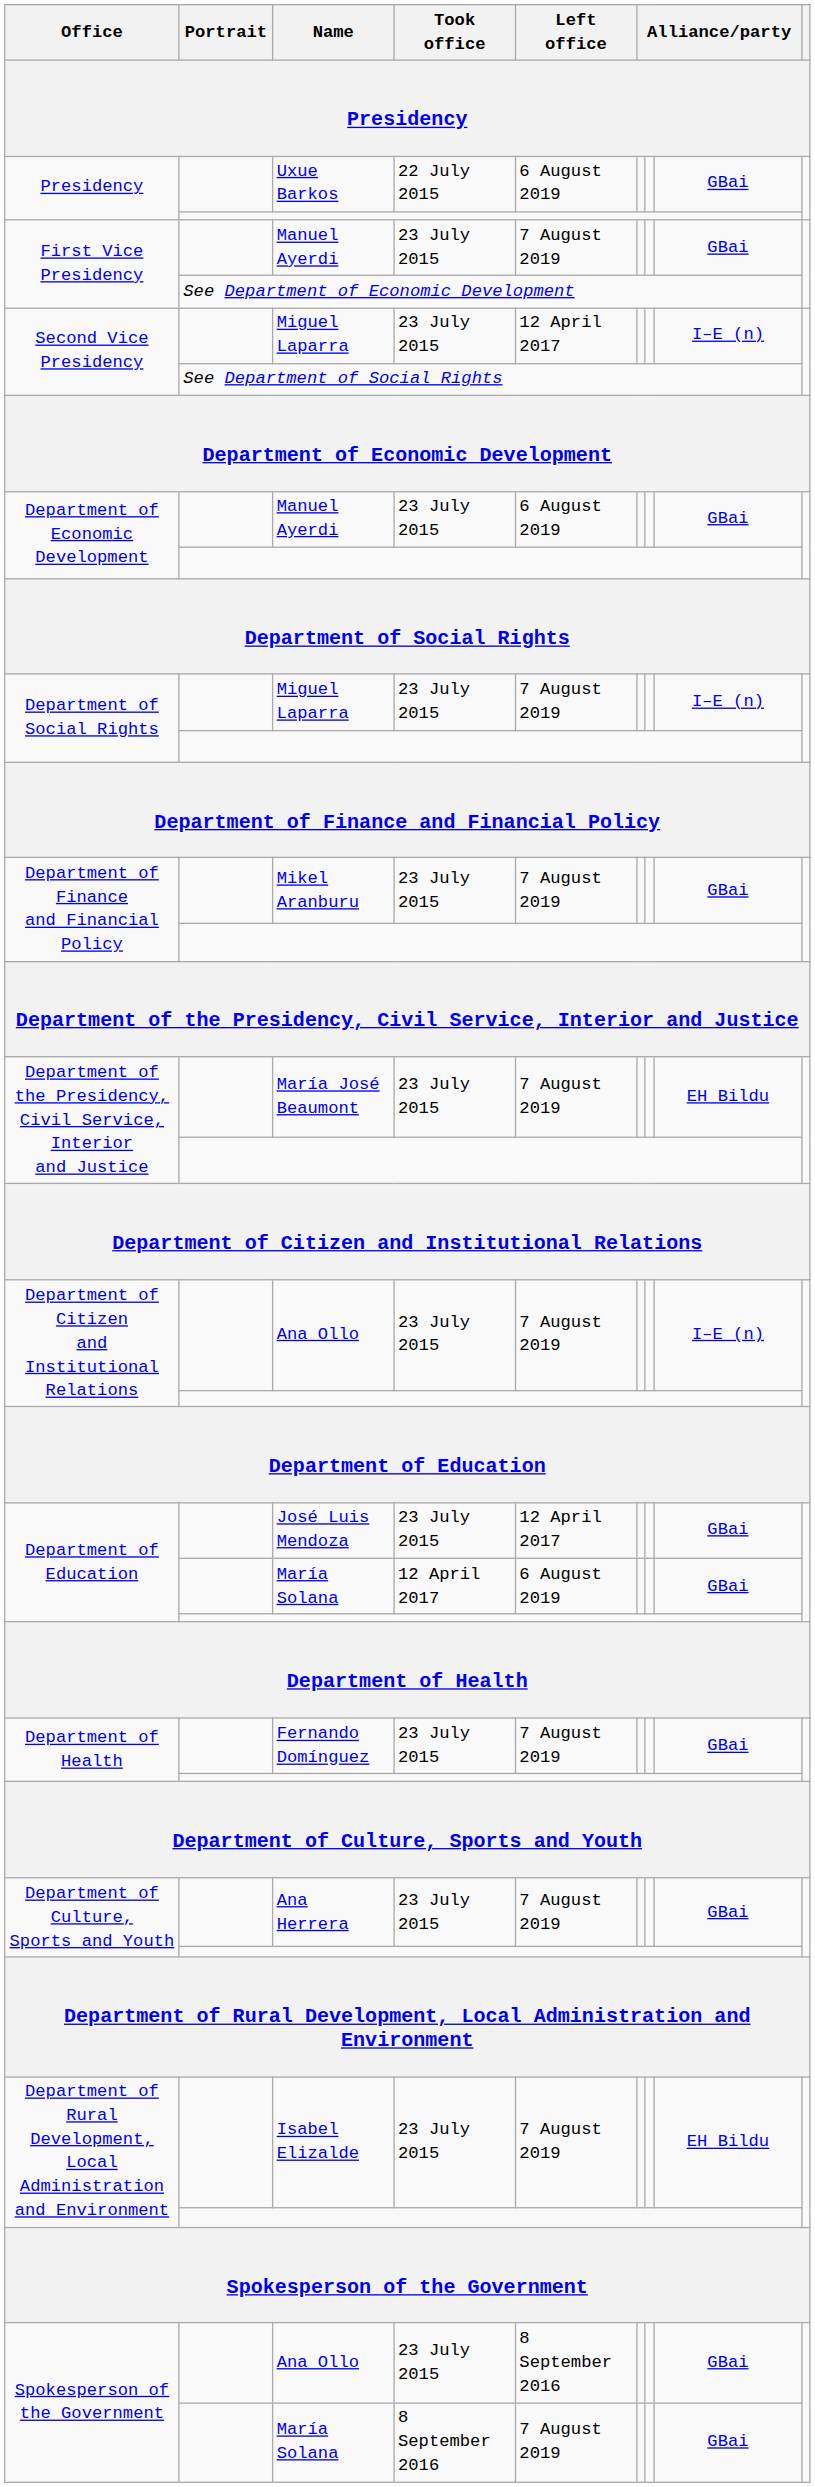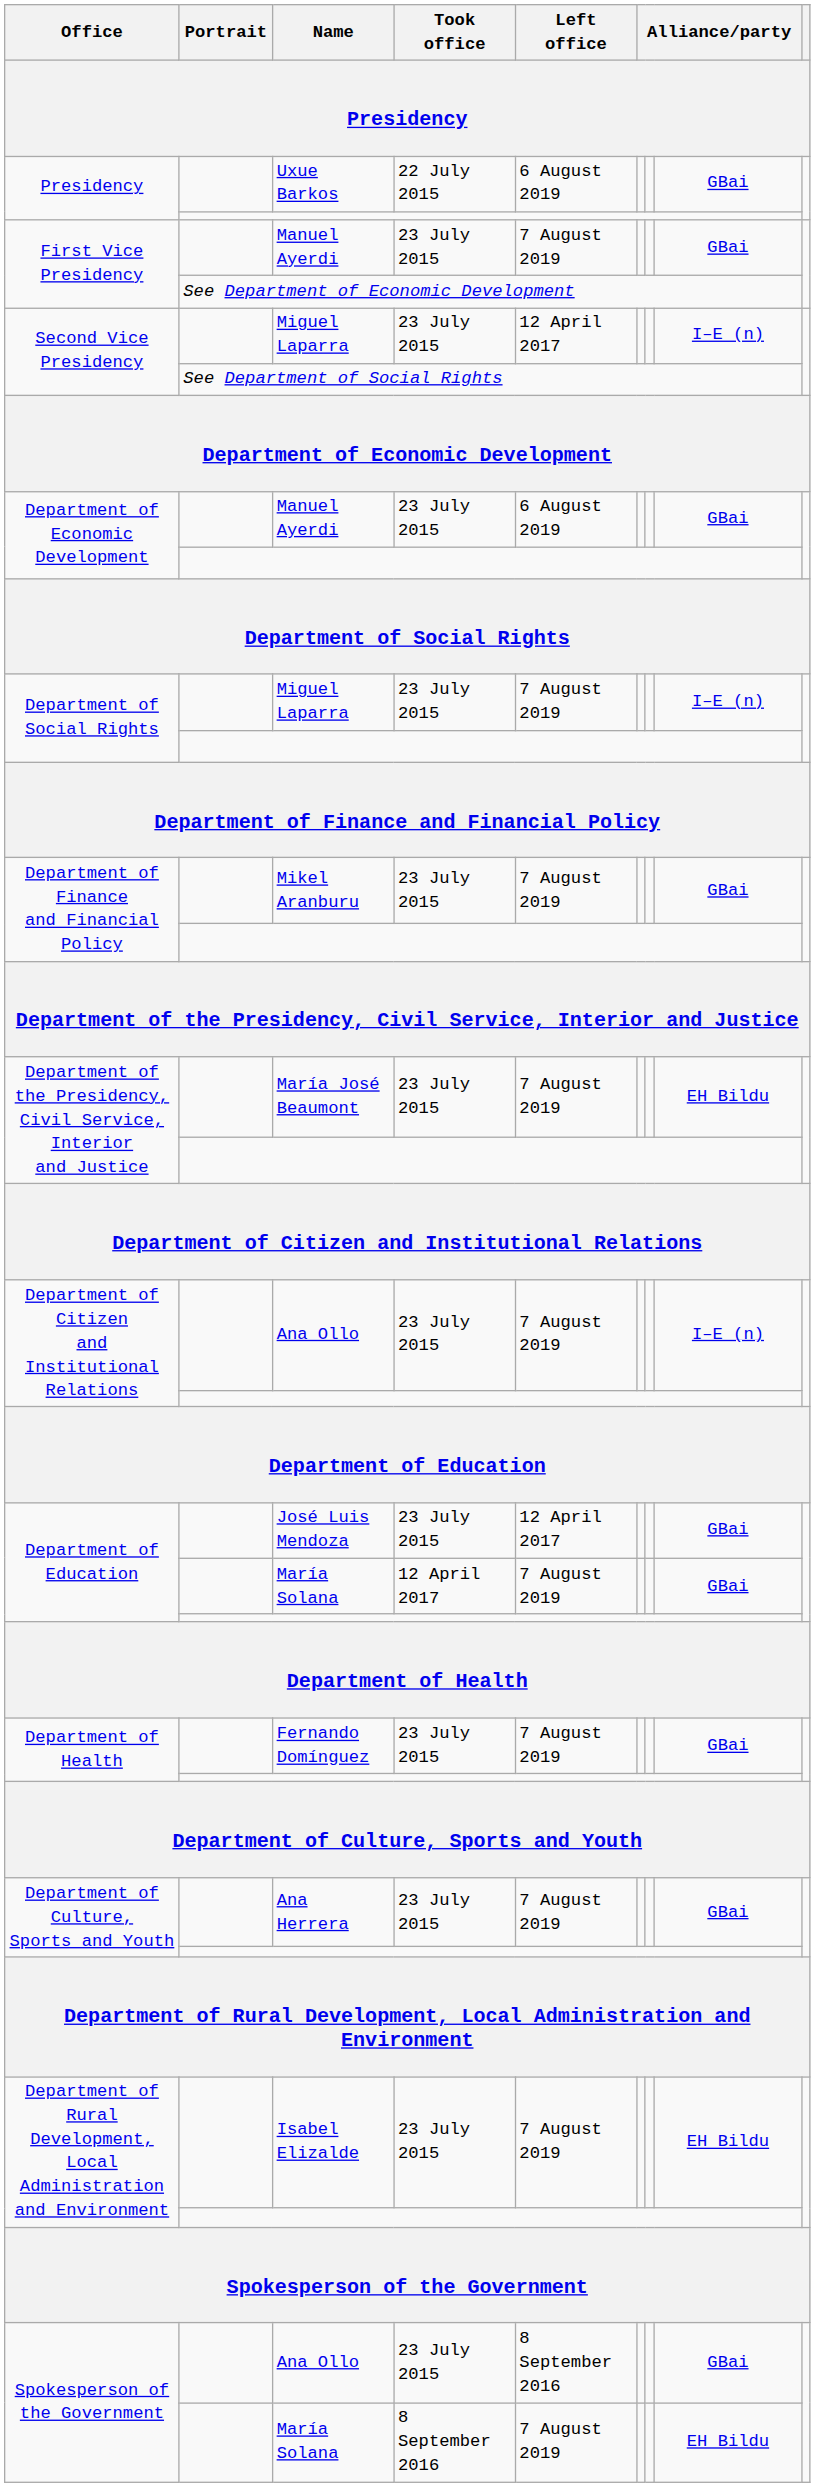 <table class="wikitable" style="line-height:18px;">
 <tr>
 <th scope="col">Office<br></th>
 <th scope="col">Portrait</th>
 <th scope="col">Name</th>
 <th scope="col">Took office</th>
 <th scope="col">Left office</th>
 <th colspan="3" scope="col">Alliance/party</th>
 <th></th>
 </tr>
 <tr>
 <th colspan="9"><br><h3><a href='#'>Presidency</a></h3></th>
 </tr>
 <tr>
 <td align="center" rowspan="2" width="250"><a href='#'>Presidency</a><br></td>
 <td width="80"></td>
 <td width="200"><a href='#'>Uxue Barkos</a></td>
 <td width="200">22 July 2015</td>
 <td width="200">6 August 2019</td>
 <td width="1" style="color:inherit;background-color:"></td>
 <td width="1" style="background-color:"></td>
 <td width="175" align="center"><a href='#'>GBai</a><br></td>
 <td align="center" rowspan="2"></td>
 </tr>
 <tr>
 <td colspan="7"></td>
 </tr>
 <tr>
 <td align="center" rowspan="2"><a href='#'>First Vice Presidency</a><br></td>
 <td></td>
 <td><a href='#'>Manuel Ayerdi</a></td>
 <td>23 July 2015</td>
 <td>7 August 2019</td>
 <td style="color:inherit;background-color:"></td>
 <td style="background-color:"></td>
 <td align="center"><a href='#'>GBai</a><br></td>
 <td align="center" rowspan="2"></td>
 </tr>
 <tr>
 <td colspan="7"><em>See <a href='#'>Department of Economic Development</a></em></td>
 </tr>
 <tr>
 <td align="center" rowspan="2"><a href='#'>Second Vice Presidency</a><br></td>
 <td></td>
 <td><a href='#'>Miguel Laparra</a></td>
 <td>23 July 2015</td>
 <td>12 April 2017</td>
 <td style="color:inherit;background-color:"></td>
 <td style="background-color:"></td>
 <td align="center"><a href='#'>I–E (n)</a><br></td>
 <td align="center" rowspan="2"></td>
 </tr>
 <tr>
 <td colspan="7"><em>See <a href='#'>Department of Social Rights</a></em></td>
 </tr>
 <tr>
 <th colspan="9"><br><h3><a href='#'>Department of Economic Development</a></h3></th>
 </tr>
 <tr>
 <td align="center" rowspan="2"><a href='#'>Department of Economic<br>Development</a><br></td>
 <td></td>
 <td><a href='#'>Manuel Ayerdi</a></td>
 <td>23 July 2015</td>
 <td width="200">6 August 2019</td>
 <td style="color:inherit;background-color:"></td>
 <td style="background-color:"></td>
 <td align="center"><a href='#'>GBai</a><br></td>
 <td align="center" rowspan="2"><br><br></td>
 </tr>
 <tr>
 <td colspan="7"><br></td>
 </tr>
 <tr>
 <th colspan="9"><br><h3><a href='#'>Department of Social Rights</a></h3></th>
 </tr>
 <tr>
 <td align="center" rowspan="2"><a href='#'>Department of Social Rights</a><br></td>
 <td></td>
 <td><a href='#'>Miguel Laparra</a></td>
 <td>23 July 2015</td>
 <td>7 August 2019</td>
 <td style="color:inherit;background-color:"></td>
 <td style="background-color:"></td>
 <td align="center"><a href='#'>I–E (n)</a><br></td>
 <td align="center" rowspan="2"><br></td>
 </tr>
 <tr>
 <td colspan="7"><br></td>
 </tr>
 <tr>
 <th colspan="9"><br><h3><a href='#'>Department of Finance and Financial Policy</a></h3></th>
 </tr>
 <tr>
 <td align="center" rowspan="2"><a href='#'>Department of Finance<br>and Financial Policy</a><br></td>
 <td></td>
 <td><a href='#'>Mikel Aranburu</a></td>
 <td>23 July 2015</td>
 <td>7 August 2019</td>
 <td style="color:inherit;background-color:"></td>
 <td style="background-color:"></td>
 <td align="center"><a href='#'>GBai</a><br></td>
 <td align="center" rowspan="2"><br><br></td>
 </tr>
 <tr>
 <td colspan="7"><br></td>
 </tr>
 <tr>
 <th colspan="9"><br><h3><a href='#'>Department of the Presidency, Civil Service, Interior and Justice</a></h3></th>
 </tr>
 <tr>
 <td align="center" rowspan="2"><a href='#'>Department of the Presidency,<br>Civil Service, Interior<br>and Justice</a><br></td>
 <td></td>
 <td><a href='#'>María José Beaumont</a></td>
 <td>23 July 2015</td>
 <td>7 August 2019</td>
 <td style="color:inherit;background-color:"></td>
 <td style="background-color:"></td>
 <td align="center"><a href='#'>EH Bildu</a><br></td>
 <td align="center" rowspan="2"><br><br><br><br></td>
 </tr>
 <tr>
 <td colspan="7"><br></td>
 </tr>
 <tr>
 <th colspan="9"><br><h3><a href='#'>Department of Citizen and Institutional Relations</a></h3></th>
 </tr>
 <tr>
 <td align="center" rowspan="2"><a href='#'>Department of Citizen<br>and Institutional Relations</a><br></td>
 <td></td>
 <td><a href='#'>Ana Ollo</a></td>
 <td>23 July 2015</td>
 <td>7 August 2019</td>
 <td style="color:inherit;background-color:"></td>
 <td style="background-color:"></td>
 <td align="center"><a href='#'>I–E (n)</a><br></td>
 <td align="center" rowspan="2"><br><br><br></td>
 </tr>
 <tr>
 <td colspan="7"></td>
 </tr>
 <tr>
 <th colspan="9"><br><h3><a href='#'>Department of Education</a></h3></th>
 </tr>
 <tr>
 <td align="center" rowspan="3"><a href='#'>Department of Education</a><br></td>
 <td></td>
 <td><a href='#'>José Luis Mendoza</a></td>
 <td>23 July 2015</td>
 <td>12 April 2017</td>
 <td style="color:inherit;background-color:"></td>
 <td style="background-color:"></td>
 <td align="center"><a href='#'>GBai</a><br></td>
 <td align="center" rowspan="3"><br><br><br></td>
 </tr>
 <tr>
 <td></td>
 <td><a href='#'>María Solana</a></td>
 <td>12 April 2017</td>
-<td width="200">6 August 2019</td>
+<td>7 August 2019</td>
 <td style="color:inherit;background-color:"></td>
 <td style="background-color:"></td>
 <td align="center"><a href='#'>GBai</a><br></td>
 </tr>
 <tr>
 <td colspan="7"></td>
 </tr>
 <tr>
 <th colspan="9"><br><h3><a href='#'>Department of Health</a></h3></th>
 </tr>
 <tr>
 <td align="center" rowspan="2"><a href='#'>Department of Health</a><br></td>
 <td></td>
 <td><a href='#'>Fernando Domínguez</a></td>
 <td>23 July 2015</td>
 <td>7 August 2019</td>
 <td style="color:inherit;background-color:"></td>
 <td style="background-color:"></td>
 <td align="center"><a href='#'>GBai</a><br></td>
 <td align="center" rowspan="2"><br><br></td>
 </tr>
 <tr>
 <td colspan="7"></td>
 </tr>
 <tr>
 <th colspan="9"><br><h3><a href='#'>Department of Culture, Sports and Youth</a></h3></th>
 </tr>
 <tr>
 <td align="center" rowspan="2"><a href='#'>Department of Culture,<br>Sports and Youth</a><br></td>
 <td></td>
 <td><a href='#'>Ana Herrera</a></td>
 <td>23 July 2015</td>
 <td>7 August 2019</td>
 <td style="color:inherit;background-color:"></td>
 <td style="background-color:"></td>
 <td align="center"><a href='#'>GBai</a><br></td>
 <td align="center" rowspan="2"><br></td>
 </tr>
 <tr>
 <td colspan="7"></td>
 </tr>
 <tr>
 <th colspan="9"><br><h3><a href='#'>Department of Rural Development, Local Administration and Environment</a></h3></th>
 </tr>
 <tr>
 <td align="center" rowspan="2"><a href='#'>Department of Rural Development,<br>Local Administration and Environment</a><br></td>
 <td></td>
 <td><a href='#'>Isabel Elizalde</a></td>
 <td>23 July 2015</td>
 <td>7 August 2019</td>
 <td style="color:inherit;background-color:"></td>
 <td style="background-color:"></td>
 <td align="center"><a href='#'>EH Bildu</a><br></td>
 <td align="center" rowspan="2"><br><br><br><br><br></td>
 </tr>
 <tr>
 <td colspan="7"></td>
 </tr>
 <tr>
 <th colspan="9"><br><h3><a href='#'>Spokesperson of the Government</a></h3></th>
 </tr>
 <tr>
 <td align="center" rowspan="2"><a href='#'>Spokesperson of the Government</a><br></td>
 <td></td>
 <td><a href='#'>Ana Ollo</a></td>
 <td>23 July 2015</td>
 <td>8 September 2016</td>
 <td style="color:inherit;background-color:"></td>
 <td style="background-color:"></td>
 <td align="center"><a href='#'>GBai</a><br></td>
 <td align="center" rowspan="2"><br></td>
 </tr>
 <tr>
 <td></td>
 <td><a href='#'>María Solana</a></td>
 <td>8 September 2016</td>
 <td>7 August 2019</td>
 <td style="color:inherit;background-color:"></td>
 <td style="background-color:"></td>
-<td align="center"><a href='#'>GBai</a><br></td>
+<td align="center"><a href='#'>EH Bildu</a><br></td>
 </tr>
 </table>
